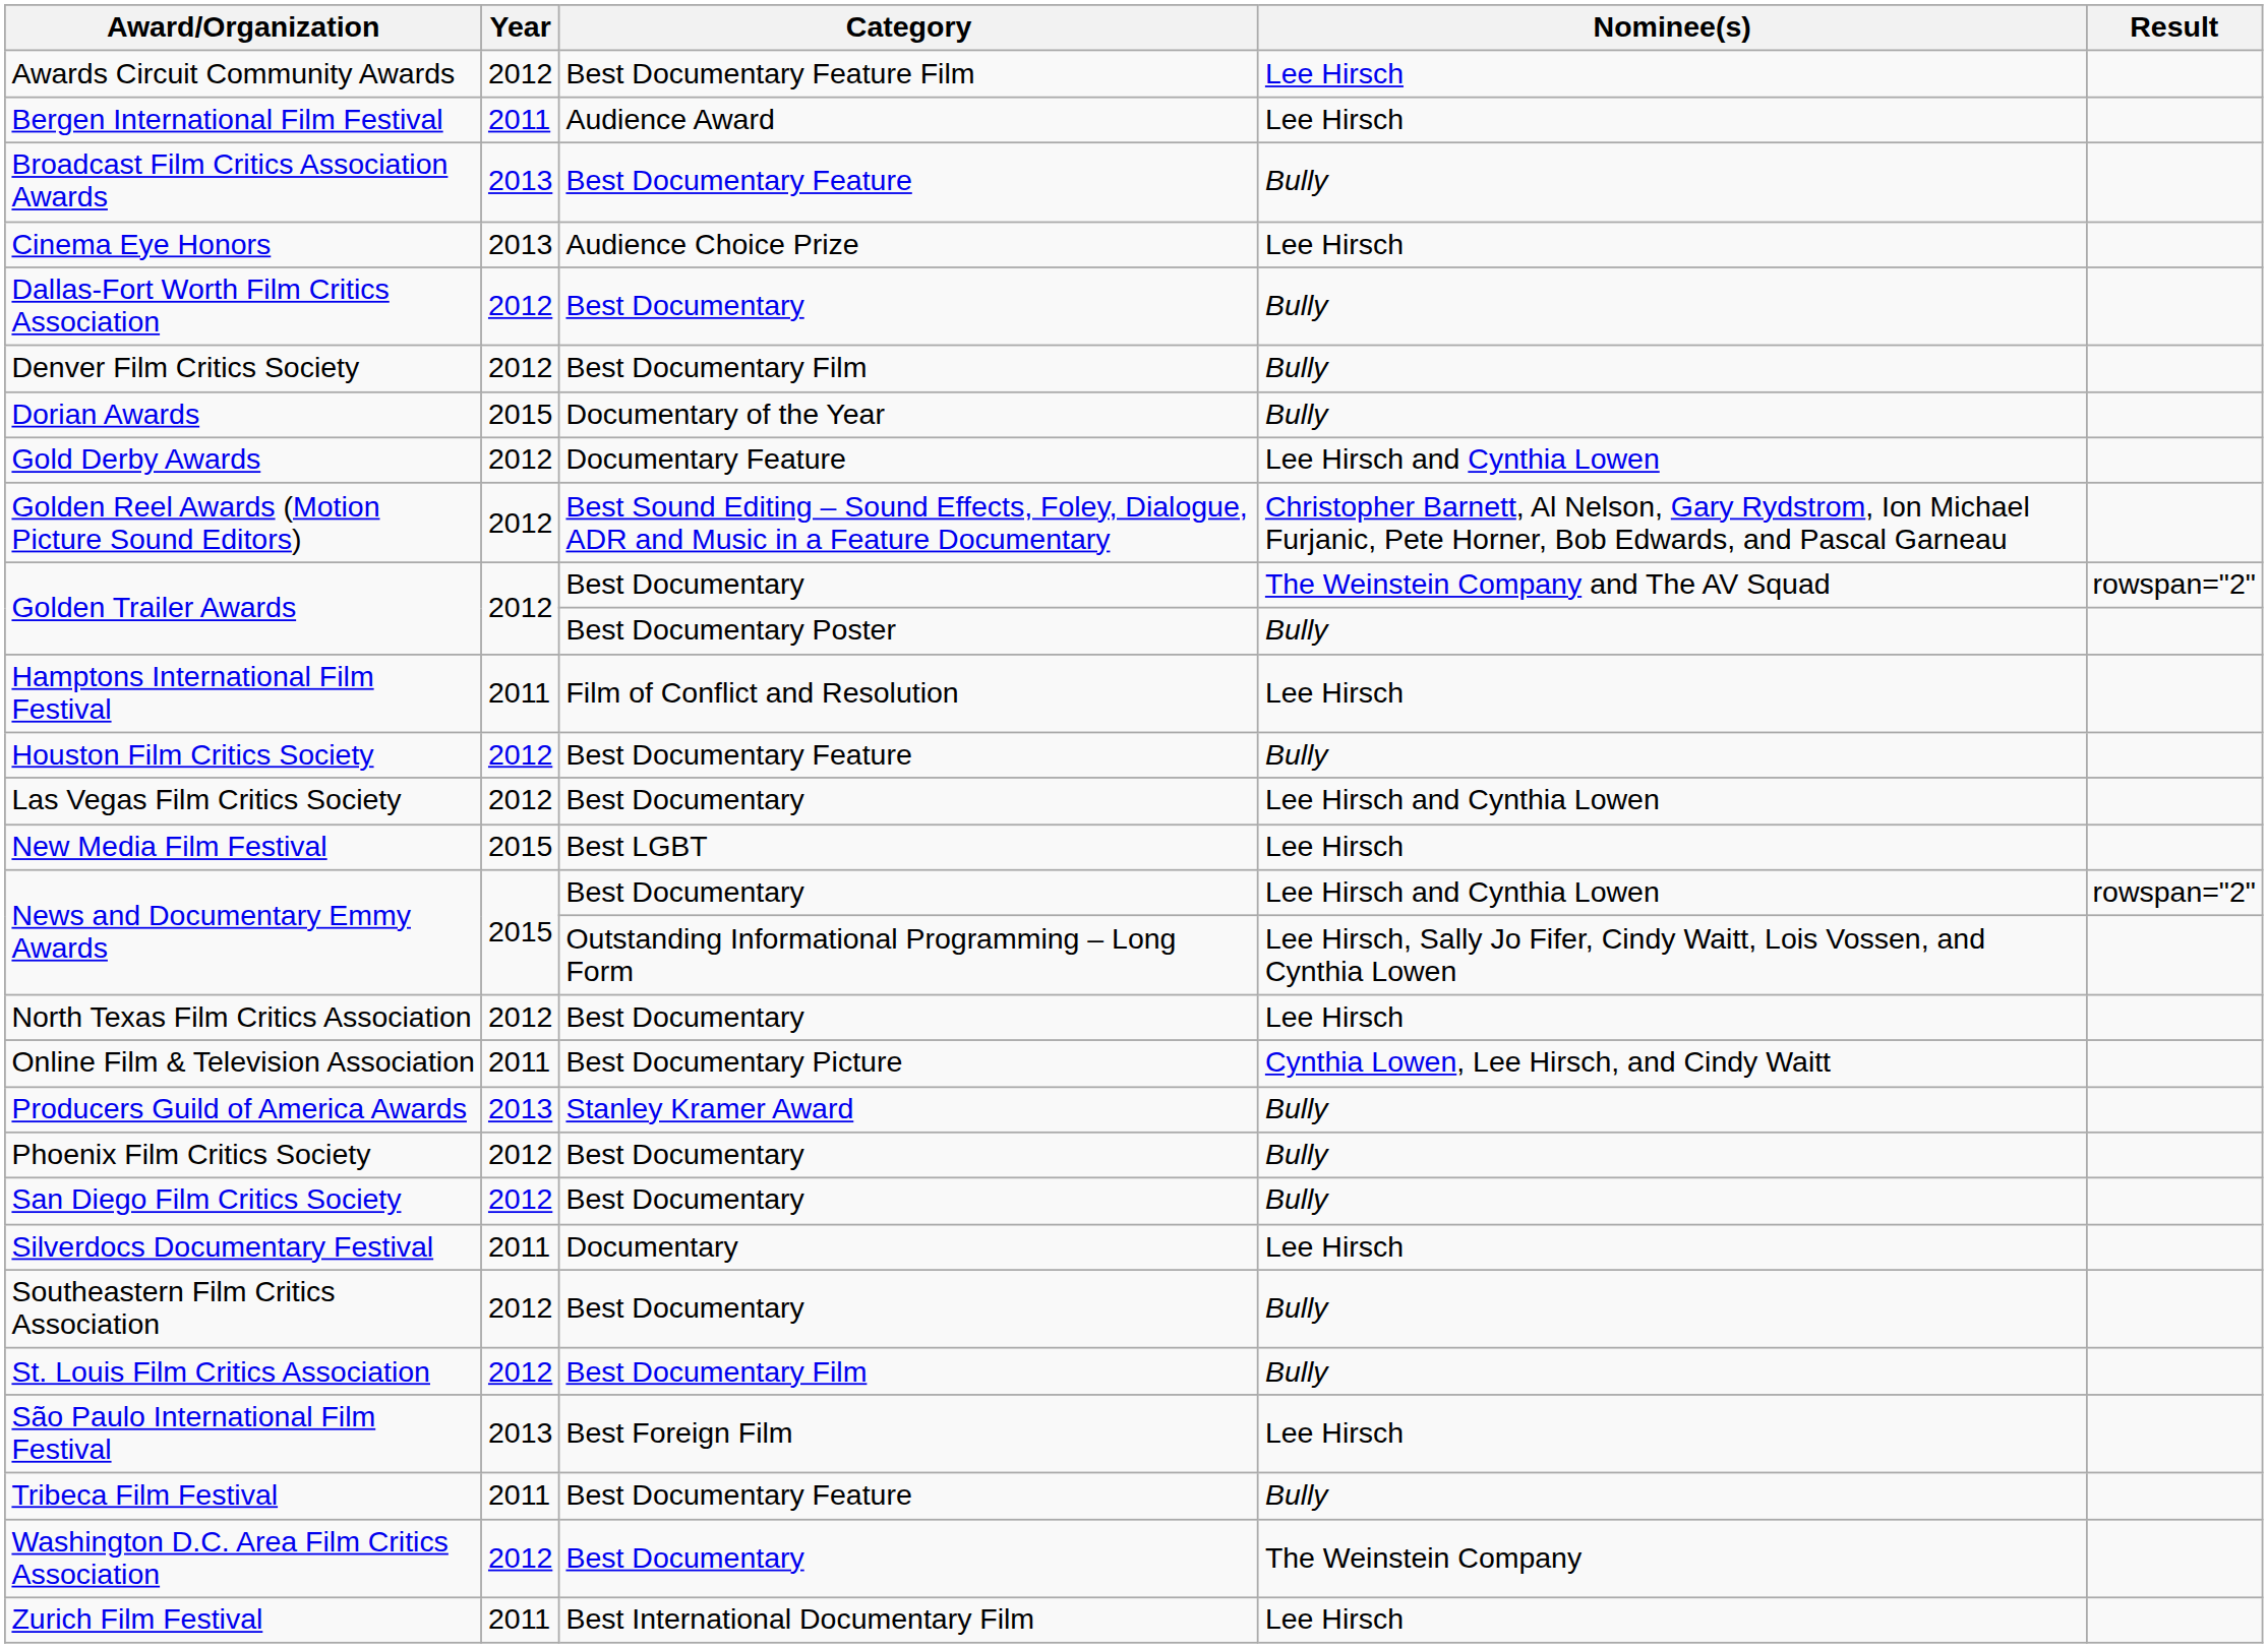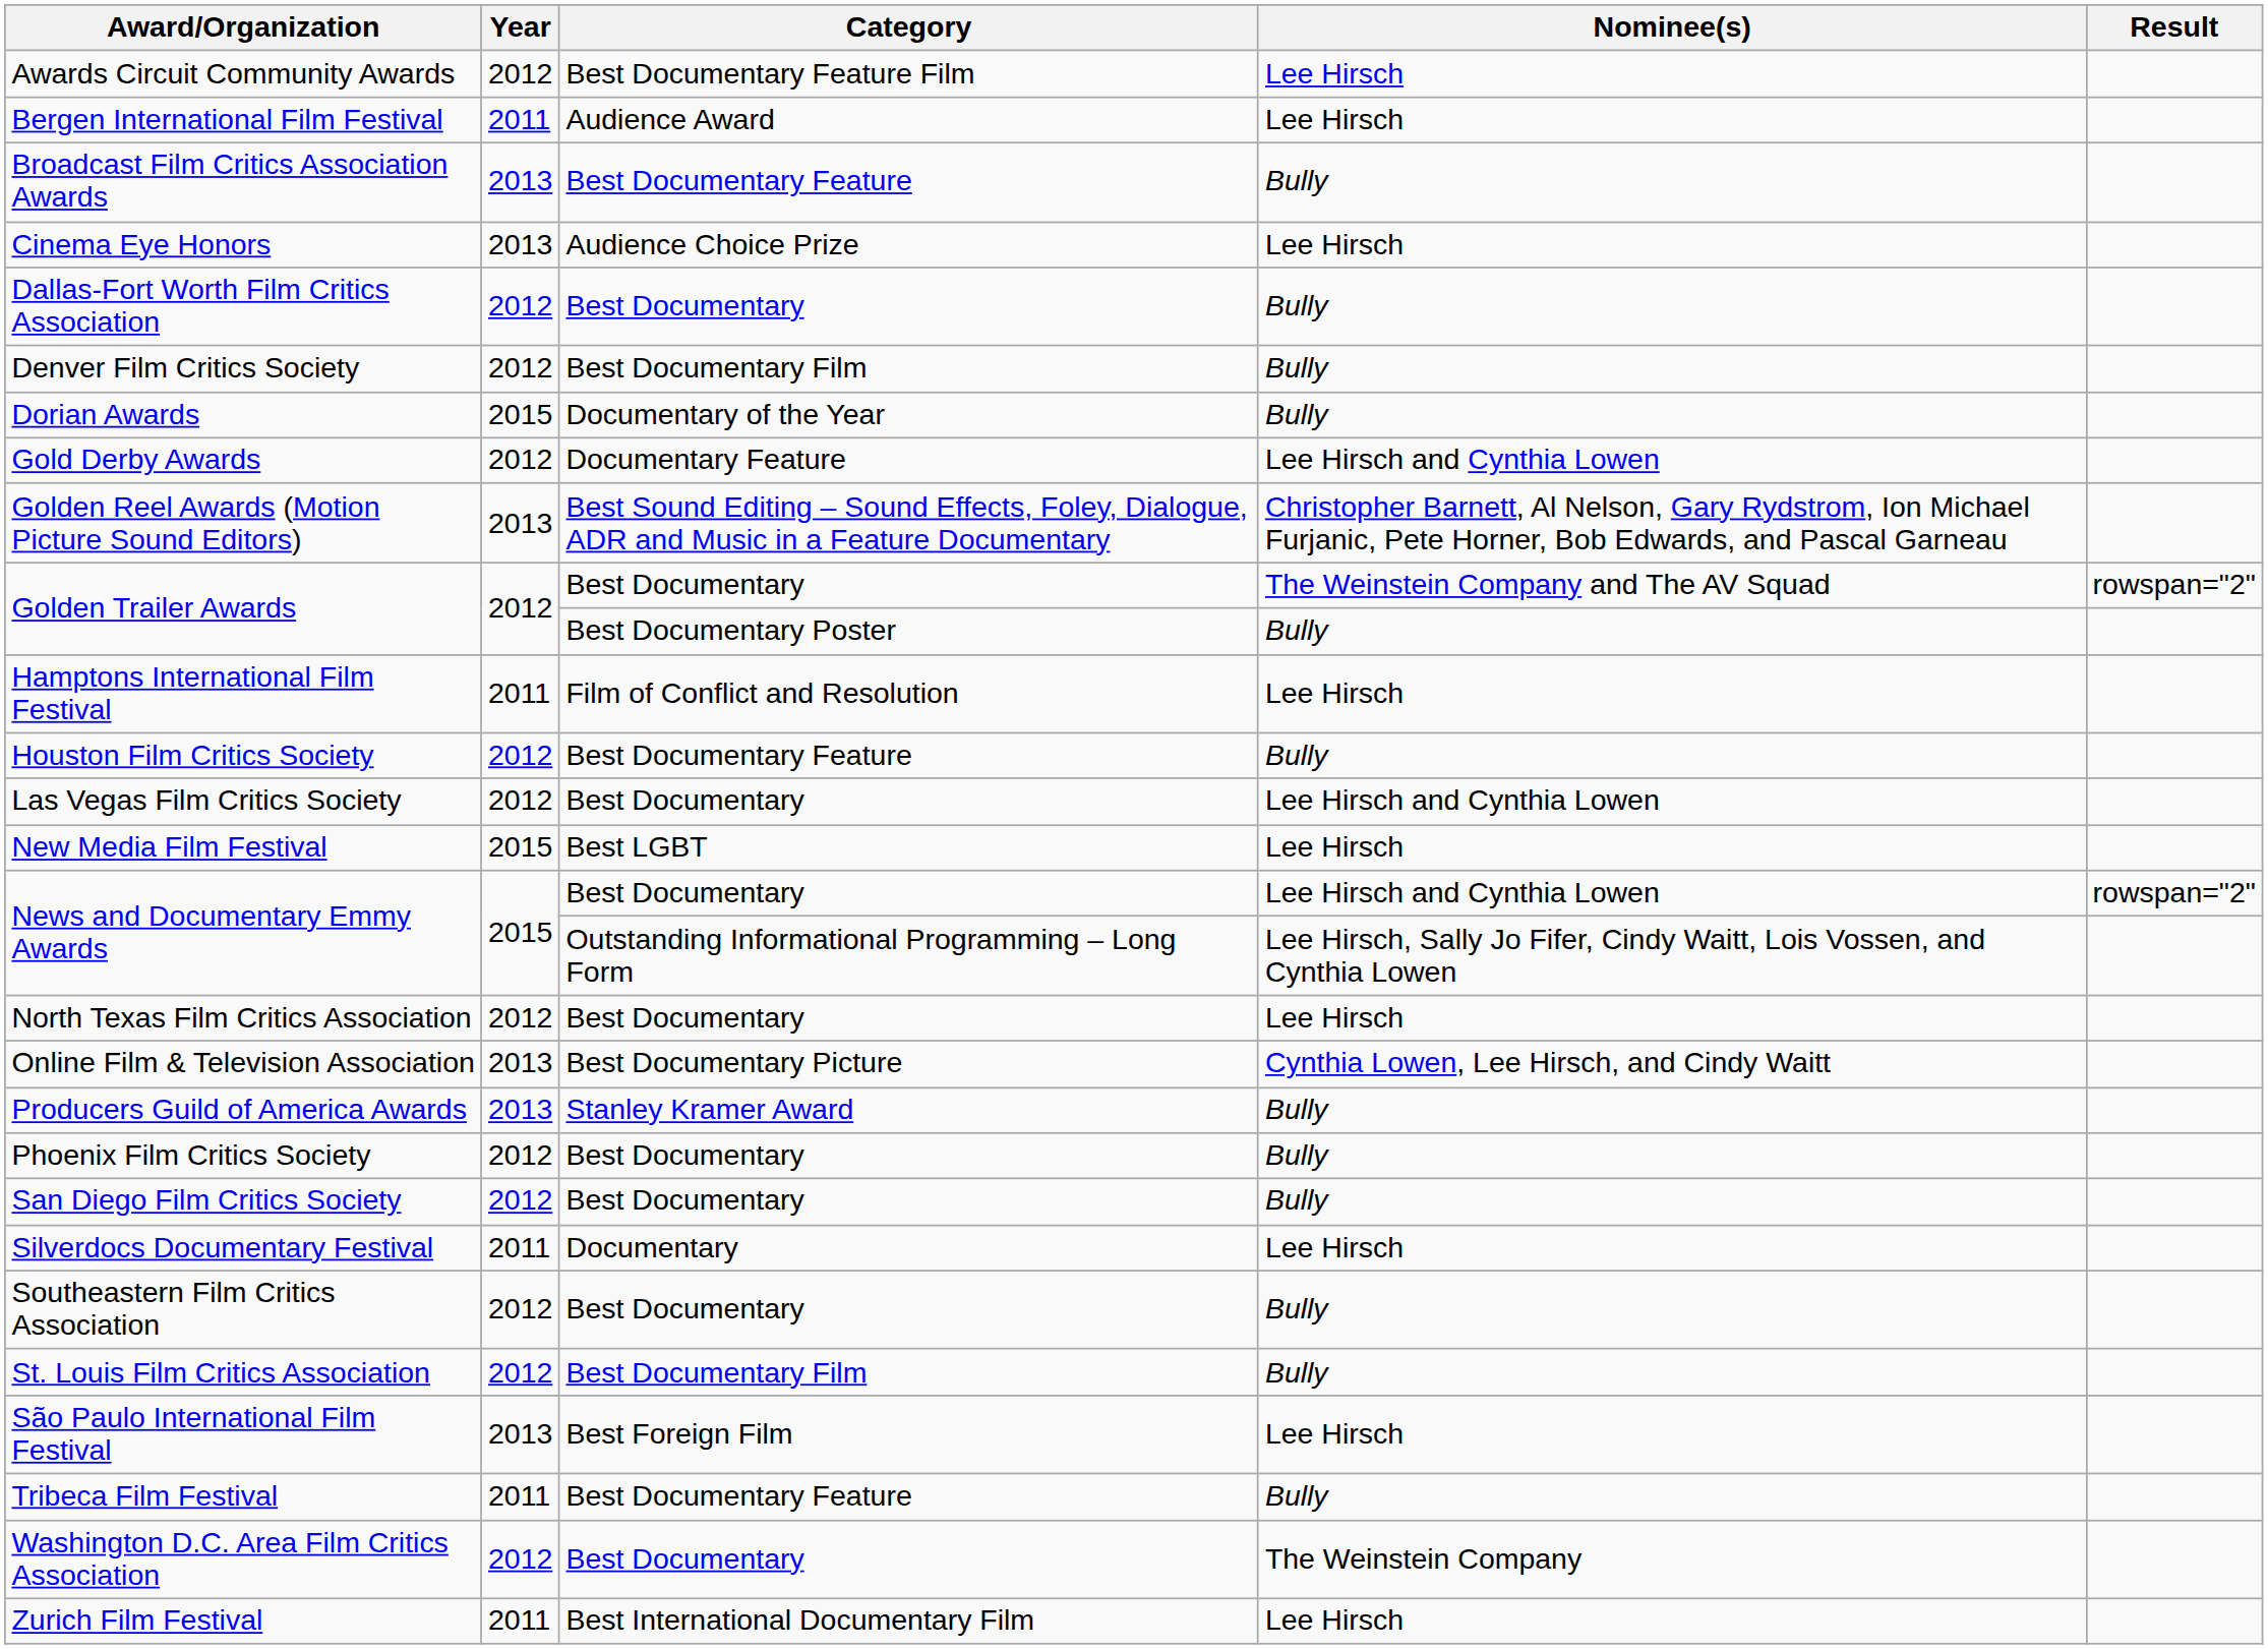 <table class="wikitable plainrowheaders sortable">
 <tr>
 <th>Award/Organization</th>
 <th>Year</th>
 <th>Category</th>
 <th>Nominee(s)</th>
 <th>Result</th>
 </tr>
 <tr>
 <td>Awards Circuit Community Awards</td>
 <td>2012</td>
 <td>Best Documentary Feature Film</td>
 <td><a href='#'>Lee Hirsch</a></td>
 <td></td>
 </tr>
 <tr>
 <td><a href='#'>Bergen International Film Festival</a></td>
 <td><a href='#'>2011</a></td>
 <td>Audience Award</td>
 <td>Lee Hirsch</td>
 <td></td>
 </tr>
 <tr>
 <td><a href='#'>Broadcast Film Critics Association Awards</a></td>
 <td><a href='#'>2013</a></td>
 <td><a href='#'>Best Documentary Feature</a></td>
 <td><em>Bully</em></td>
 <td></td>
 </tr>
 <tr>
 <td><a href='#'>Cinema Eye Honors</a></td>
 <td>2013</td>
 <td>Audience Choice Prize</td>
 <td>Lee Hirsch</td>
 <td></td>
 </tr>
 <tr>
 <td><a href='#'>Dallas-Fort Worth Film Critics Association</a></td>
 <td><a href='#'>2012</a></td>
 <td><a href='#'>Best Documentary</a></td>
 <td><em>Bully</em></td>
 <td></td>
 </tr>
 <tr>
 <td>Denver Film Critics Society</td>
 <td>2012</td>
 <td>Best Documentary Film</td>
 <td><em>Bully</em></td>
 <td></td>
 </tr>
 <tr>
 <td><a href='#'>Dorian Awards</a></td>
 <td>2015</td>
 <td>Documentary of the Year</td>
 <td><em>Bully</em></td>
 <td></td>
 </tr>
 <tr>
 <td><a href='#'>Gold Derby Awards</a></td>
 <td>2012</td>
 <td>Documentary Feature</td>
 <td>Lee Hirsch and <a href='#'>Cynthia Lowen</a></td>
 <td></td>
 </tr>
 <tr>
 <td><a href='#'>Golden Reel Awards</a> (<a href='#'>Motion Picture Sound Editors</a>)</td>
-<td>2012</td>
+<td>2013</td>
 <td><a href='#'>Best Sound Editing – Sound Effects, Foley, Dialogue, ADR and Music in a Feature Documentary</a></td>
 <td><a href='#'>Christopher Barnett</a>, Al Nelson, <a href='#'>Gary Rydstrom</a>, Ion Michael Furjanic, Pete Horner, Bob Edwards, and Pascal Garneau</td>
 <td></td>
 </tr>
 <tr>
 <td rowspan="2"><a href='#'>Golden Trailer Awards</a></td>
 <td rowspan="2">2012</td>
 <td>Best Documentary</td>
 <td><a href='#'>The Weinstein Company</a> and The AV Squad</td>
 <td>rowspan="2" </td>
 </tr>
 <tr>
 <td>Best Documentary Poster</td>
 <td><em>Bully</em></td>
 </tr>
 <tr>
 <td><a href='#'>Hamptons International Film Festival</a></td>
 <td>2011</td>
 <td>Film of Conflict and Resolution</td>
 <td>Lee Hirsch</td>
 <td></td>
 </tr>
 <tr>
 <td><a href='#'>Houston Film Critics Society</a></td>
 <td><a href='#'>2012</a></td>
 <td>Best Documentary Feature</td>
 <td><em>Bully</em></td>
 <td></td>
 </tr>
 <tr>
 <td>Las Vegas Film Critics Society</td>
 <td>2012</td>
 <td>Best Documentary</td>
 <td>Lee Hirsch and Cynthia Lowen</td>
 <td></td>
 </tr>
 <tr>
 <td><a href='#'>New Media Film Festival</a></td>
 <td>2015</td>
 <td>Best LGBT</td>
 <td>Lee Hirsch</td>
 <td></td>
 </tr>
 <tr>
 <td rowspan="2"><a href='#'>News and Documentary Emmy Awards</a></td>
 <td rowspan="2">2015</td>
 <td>Best Documentary</td>
 <td>Lee Hirsch and Cynthia Lowen</td>
 <td>rowspan="2" </td>
 </tr>
 <tr>
 <td>Outstanding Informational Programming – Long Form</td>
 <td>Lee Hirsch, Sally Jo Fifer, Cindy Waitt, Lois Vossen, and Cynthia Lowen</td>
 </tr>
 <tr>
 <td>North Texas Film Critics Association</td>
 <td>2012</td>
 <td>Best Documentary</td>
 <td>Lee Hirsch</td>
 <td></td>
 </tr>
 <tr>
 <td>Online Film & Television Association</td>
-<td>2011</td>
+<td>2013</td>
 <td>Best Documentary Picture</td>
 <td><a href='#'>Cynthia Lowen</a>, Lee Hirsch, and Cindy Waitt</td>
 <td></td>
 </tr>
 <tr>
 <td><a href='#'>Producers Guild of America Awards</a></td>
 <td><a href='#'>2013</a></td>
 <td><a href='#'>Stanley Kramer Award</a></td>
 <td><em>Bully</em></td>
 <td></td>
 </tr>
 <tr>
 <td>Phoenix Film Critics Society</td>
 <td>2012</td>
 <td>Best Documentary</td>
 <td><em>Bully</em></td>
 <td></td>
 </tr>
 <tr>
 <td><a href='#'>San Diego Film Critics Society</a></td>
 <td><a href='#'>2012</a></td>
 <td>Best Documentary</td>
 <td><em>Bully</em></td>
 <td></td>
 </tr>
 <tr>
 <td><a href='#'>Silverdocs Documentary Festival</a></td>
 <td>2011</td>
 <td>Documentary</td>
 <td>Lee Hirsch</td>
 <td></td>
 </tr>
 <tr>
 <td>Southeastern Film Critics Association</td>
 <td>2012</td>
 <td>Best Documentary</td>
 <td><em>Bully</em></td>
 <td></td>
 </tr>
 <tr>
 <td><a href='#'>St. Louis Film Critics Association</a></td>
 <td><a href='#'>2012</a></td>
 <td><a href='#'>Best Documentary Film</a></td>
 <td><em>Bully</em></td>
 <td></td>
 </tr>
 <tr>
 <td><a href='#'>São Paulo International Film Festival</a></td>
 <td>2013</td>
 <td>Best Foreign Film</td>
 <td>Lee Hirsch</td>
 <td></td>
 </tr>
 <tr>
 <td><a href='#'>Tribeca Film Festival</a></td>
 <td>2011</td>
 <td>Best Documentary Feature</td>
 <td><em>Bully</em></td>
 <td></td>
 </tr>
 <tr>
 <td><a href='#'>Washington D.C. Area Film Critics Association</a></td>
 <td><a href='#'>2012</a></td>
 <td><a href='#'>Best Documentary</a></td>
 <td>The Weinstein Company</td>
 <td></td>
 </tr>
 <tr>
 <td><a href='#'>Zurich Film Festival</a></td>
 <td>2011</td>
 <td>Best International Documentary Film</td>
 <td>Lee Hirsch</td>
 <td></td>
 </tr>
 </table>
